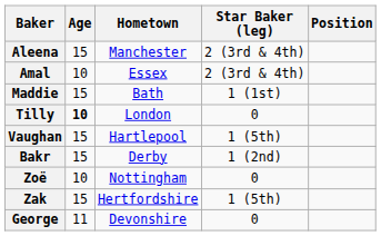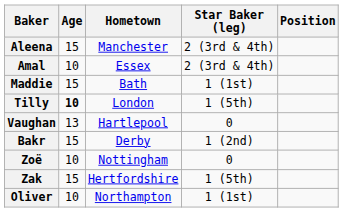 <table class="wikitable sortable" style="display:inline-table; text-align:center">
 <tr>
 <th scope="col">Baker</th>
 <th scope="col">Age</th>
 <th scope="col">Hometown</th>
 <th scope="col">Star Baker<br>(leg)</th>
 <th scope="col">Position</th>
 </tr>
 <tr>
 <th scope="row">Aleena</th>
 <td>15</td>
 <td><a href='#'>Manchester</a></td>
 <td>2 (3rd & 4th)</td>
 <td></td>
 </tr>
 <tr>
 <th scope="row">Amal</th>
 <td>10</td>
 <td><a href='#'>Essex</a></td>
 <td>2 (3rd & 4th)</td>
 <td></td>
 </tr>
 <tr>
 <th scope="row">Maddie</th>
 <td>15</td>
 <td><a href='#'>Bath</a></td>
 <td>1 (1st)</td>
 <td></td>
 </tr>
 <tr>
 <th scope="row">Tilly</th>
 <td><strong>10</strong></td>
 <td><a href='#'>London</a></td>
-<td>0</td>
+<td>1 (5th)</td>
 <td></td>
 </tr>
 <tr>
 <th scope="row">Vaughan</th>
-<td>15</td>
+<td>13</td>
 <td><a href='#'>Hartlepool</a></td>
-<td>1 (5th)</td>
+<td>0</td>
 <td></td>
 </tr>
 <tr>
 <th scope="row">Bakr</th>
 <td>15</td>
 <td><a href='#'>Derby</a></td>
 <td>1 (2nd)</td>
 <td></td>
 </tr>
 <tr>
 <th scope="row">Zoë</th>
 <td>10</td>
 <td><a href='#'>Nottingham</a></td>
 <td>0</td>
 <td></td>
 </tr>
 <tr>
 <th scope="row">Zak</th>
 <td>15</td>
 <td><a href='#'>Hertfordshire</a></td>
 <td>1 (5th)</td>
 <td></td>
 </tr>
 <tr>
-<th scope="row">George</th>
-<td>11</td>
-<td><a href='#'>Devonshire</a></td>
-<td>0</td>
+<th scope="row">Oliver</th>
+<td>10</td>
+<td><a href='#'>Northampton</a></td>
+<td>1 (1st)</td>
 <td></td>
 </tr>
 </table>
